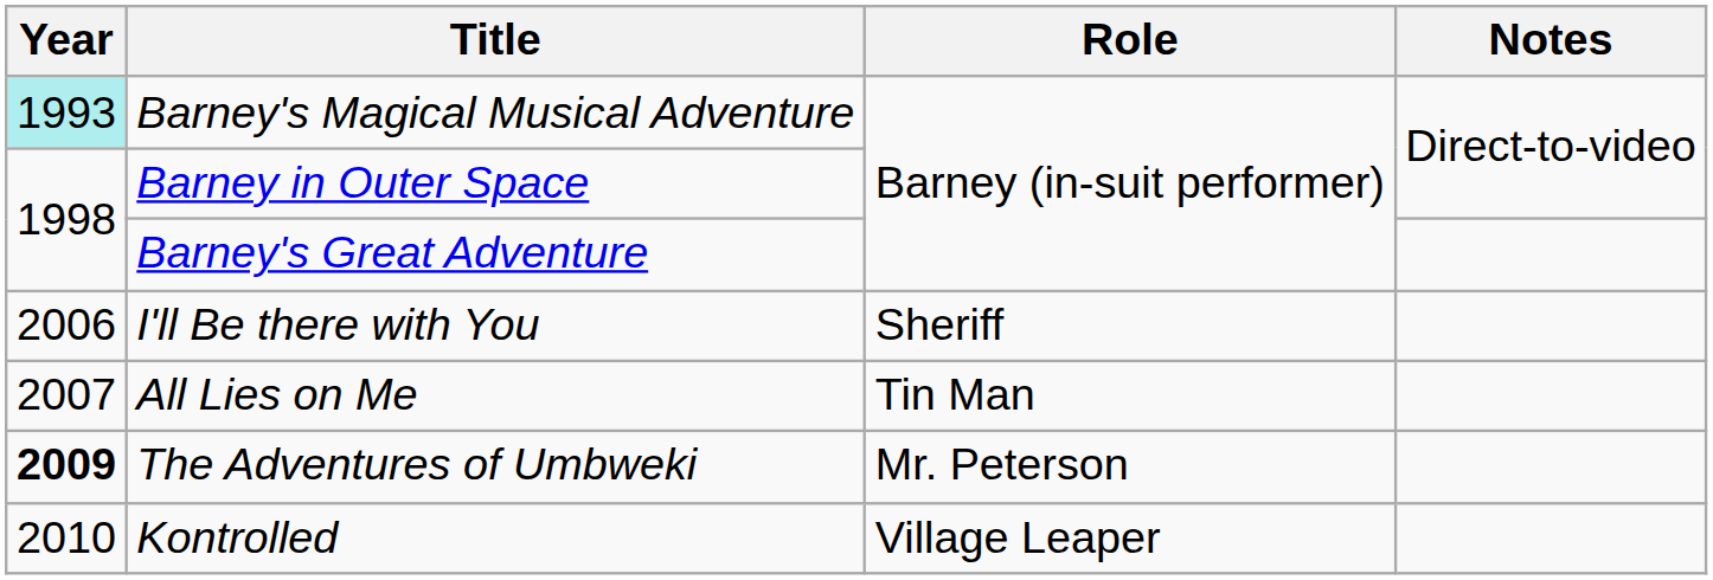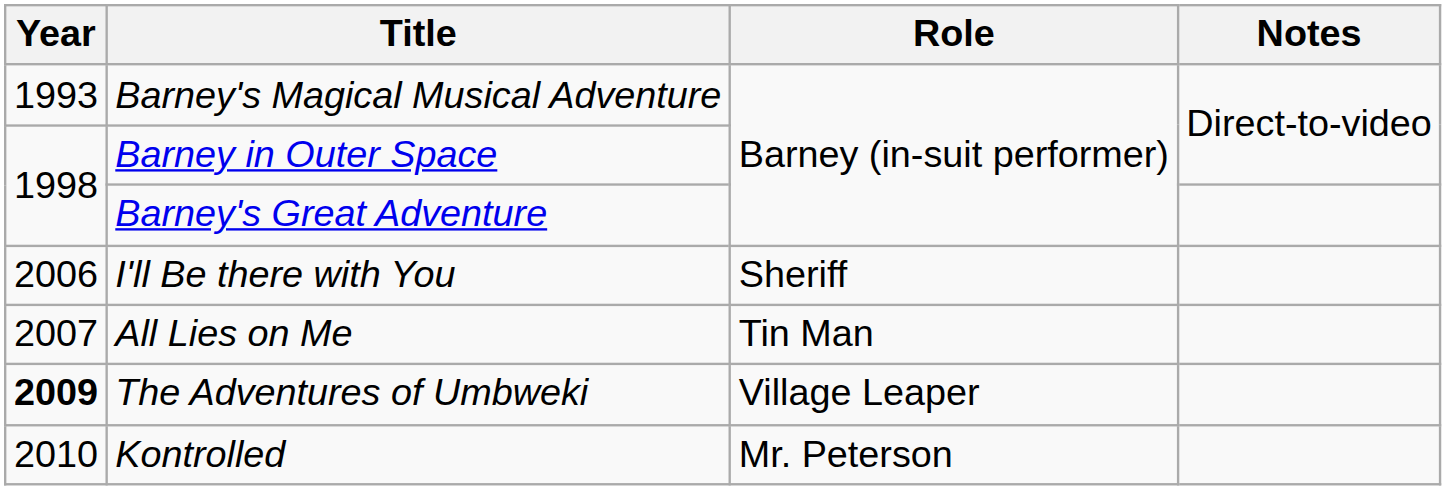 <table class="wikitable sortable">
 <tr>
 <th>Year</th>
 <th>Title</th>
 <th>Role</th>
 <th>Notes</th>
 </tr>
 <tr>
-<td style="background: paleturquoise;">1993</td>
+<td>1993</td>
 <td><em>Barney's Magical Musical Adventure</em></td>
 <td rowspan="3">Barney (in-suit performer)</td>
 <td rowspan="2">Direct-to-video</td>
 </tr>
 <tr>
 <td rowspan="2">1998</td>
 <td><em><a href='#'>Barney in Outer Space</a></em></td>
 </tr>
 <tr>
 <td><em><a href='#'>Barney's Great Adventure</a></em></td>
 <td></td>
 </tr>
 <tr>
 <td>2006</td>
 <td><em>I'll Be there with You</em></td>
 <td>Sheriff</td>
 <td></td>
 </tr>
 <tr>
 <td>2007</td>
 <td><em>All Lies on Me</em></td>
 <td>Tin Man</td>
 <td></td>
 </tr>
 <tr>
 <td><strong>2009</strong></td>
 <td><em>The Adventures of Umbweki</em></td>
-<td>Mr. Peterson</td>
+<td>Village Leaper</td>
 <td></td>
 </tr>
 <tr>
 <td>2010</td>
 <td><em>Kontrolled</em></td>
-<td>Village Leaper</td>
+<td>Mr. Peterson</td>
 <td></td>
 </tr>
 </table>
